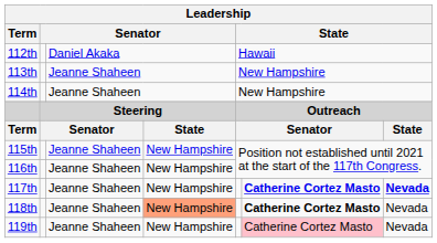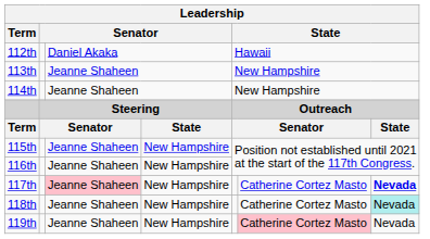 <table class=wikitable>
 <tr>
 <th colspan=7>Leadership</th>
 </tr>
 <tr>
 <th>Term</th>
 <th colspan=3>Senator</th>
 <th colspan=3>State</th>
 </tr>
 <tr>
 <td><a href='#'>112th</a></td>
 <td></td>
 <td colspan=2><a href='#'>Daniel Akaka</a></td>
 <td colspan=3><a href='#'>Hawaii</a></td>
 </tr>
 <tr>
 <td><a href='#'>113th</a></td>
 <td></td>
 <td colspan=2><a href='#'>Jeanne Shaheen</a></td>
 <td colspan=3><a href='#'>New Hampshire</a></td>
 </tr>
 <tr>
 <td><a href='#'>114th</a></td>
 <td></td>
 <td colspan=2>Jeanne Shaheen</td>
 <td colspan=3>New Hampshire</td>
 </tr>
 <tr style="background:lightgray;text-align:center;">
 <td></td>
 <td colspan=3><strong>Steering</strong></td>
 <td colspan=3><strong>Outreach</strong></td>
 </tr>
 <tr>
 <th>Term</th>
 <th colspan=2>Senator</th>
 <th>State</th>
 <th colspan=2>Senator</th>
 <th>State</th>
 </tr>
 <tr>
 <td><a href='#'>115th</a></td>
 <td></td>
 <td><a href='#'>Jeanne Shaheen</a></td>
 <td><a href='#'>New Hampshire</a></td>
 <td colspan=3; rowspan=2>Position not established until 2021<br>at the start of the <a href='#'>117th Congress</a>.</td>
 </tr>
 <tr>
 <td><a href='#'>116th</a></td>
 <td></td>
 <td>Jeanne Shaheen</td>
 <td>New Hampshire</td>
 </tr>
 <tr>
 <td><a href='#'>117th</a></td>
 <td></td>
-<td>Jeanne Shaheen</td>
+<td style="background: pink;">Jeanne Shaheen</td>
 <td>New Hampshire</td>
 <td></td>
-<td><strong><a href='#'>Catherine Cortez Masto</a></strong></td>
+<td><a href='#'>Catherine Cortez Masto</a></td>
 <td><strong><a href='#'>Nevada</a></strong></td>
 </tr>
 <tr>
 <td><a href='#'>118th</a></td>
 <td></td>
 <td>Jeanne Shaheen</td>
-<td style="background: lightsalmon;">New Hampshire</td>
+<td>New Hampshire</td>
 <td></td>
-<td><strong>Catherine Cortez Masto</strong></td>
-<td>Nevada</td>
+<td>Catherine Cortez Masto</td>
+<td style="background: paleturquoise;">Nevada</td>
 </tr>
 <tr>
 <td><a href='#'>119th</a></td>
 <td></td>
 <td>Jeanne Shaheen </td>
 <td>New Hampshire</td>
 <td></td>
 <td style="background: pink;">Catherine Cortez Masto</td>
 <td>Nevada</td>
 </tr>
 </table>
